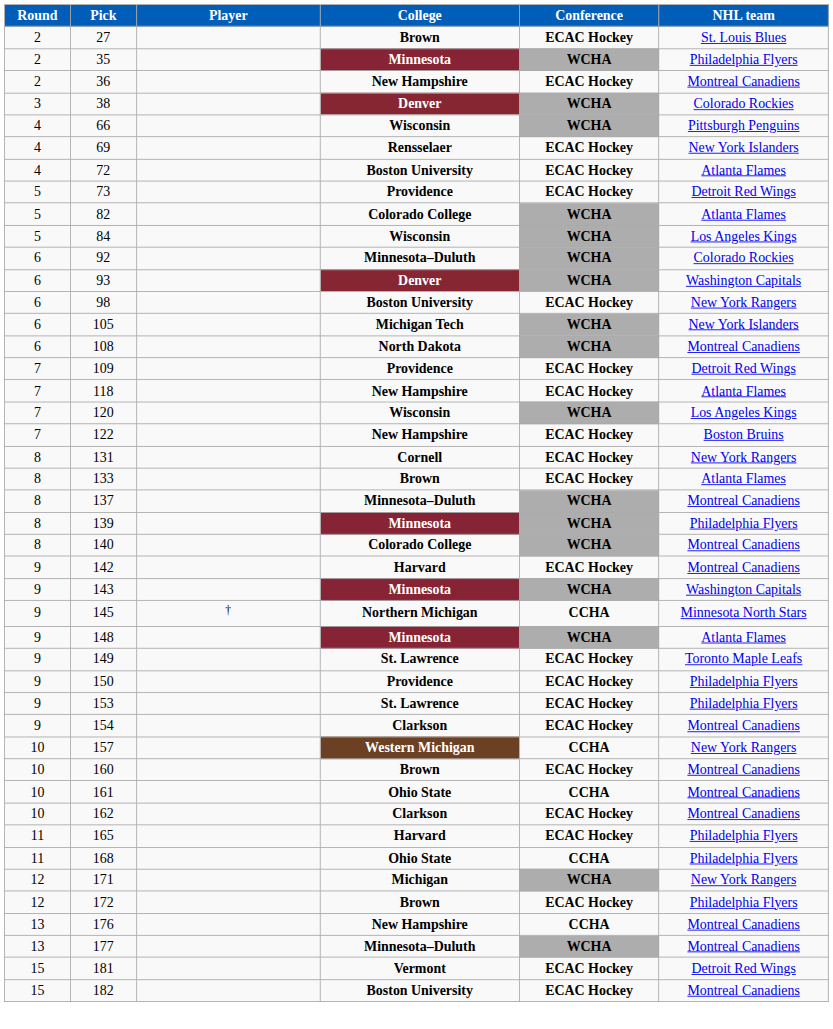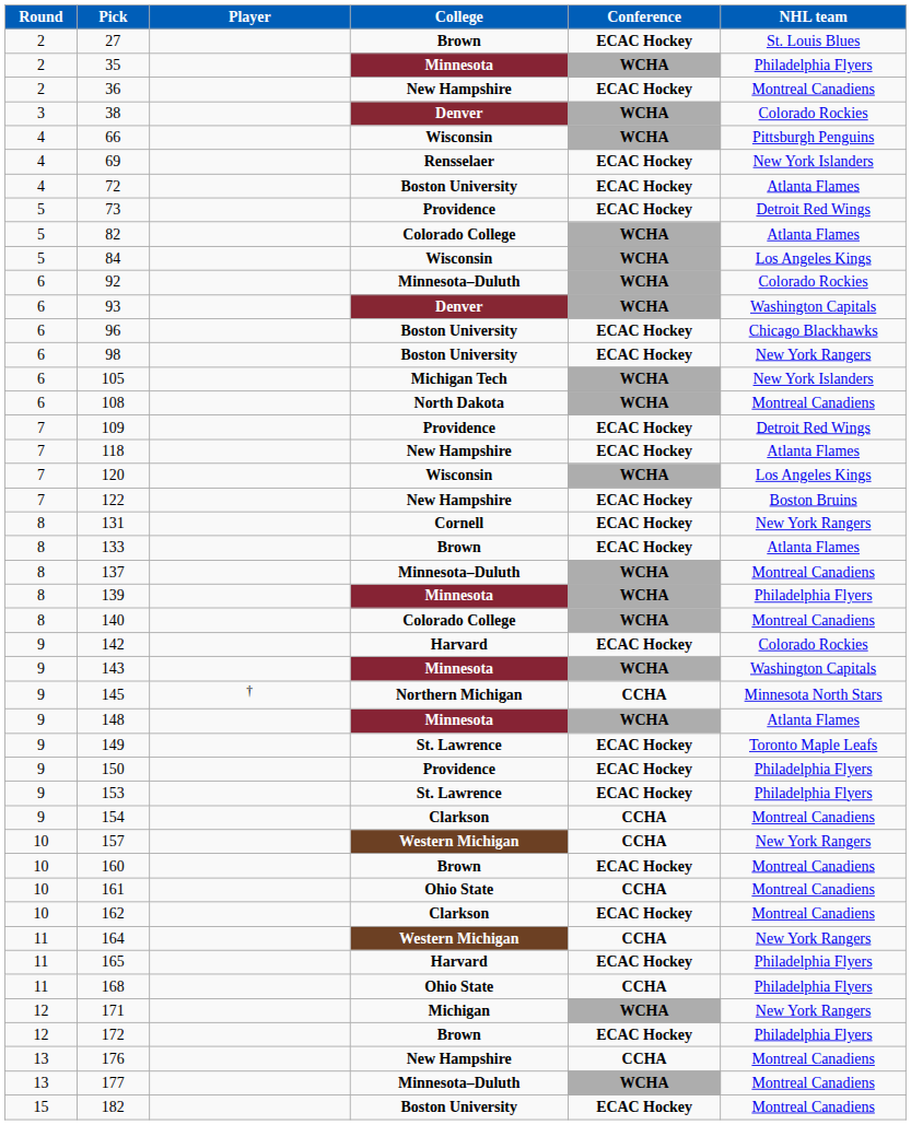 <table class="wikitable sortable" width="75%">
 <tr>
 <th style="color:white; background-color:#005EB8; width: 4em;">Round</th>
 <th style="color:white; background-color:#005EB8; width: 4em;">Pick</th>
 <th style="color:white; background-color:#005EB8; width: 12em;">Player</th>
 <th style="color:white; background-color:#005EB8; width: 13em;">College</th>
 <th style="color:white; background-color:#005EB8; width: 9em;">Conference</th>
 <th style="color:white; background-color:#005EB8; width: 11em;">NHL team</th>
 </tr>
 <tr align="center" bgcolor="">
 <td>2</td>
 <td>27</td>
 <td></td>
 <td><strong>Brown</strong></td>
 <td><strong>ECAC Hockey</strong></td>
 <td><a href='#'>St. Louis Blues</a></td>
 </tr>
 <tr align="center" bgcolor="">
 <td>2</td>
 <td>35</td>
 <td></td>
 <td style="color:white; background:#862334; "><strong>Minnesota</strong></td>
 <td style="color:black; background:#ADADAD; "><strong>WCHA</strong></td>
 <td><a href='#'>Philadelphia Flyers</a></td>
 </tr>
 <tr align="center" bgcolor="">
 <td>2</td>
 <td>36</td>
 <td></td>
 <td><strong>New Hampshire</strong></td>
 <td><strong>ECAC Hockey</strong></td>
 <td><a href='#'>Montreal Canadiens</a></td>
 </tr>
 <tr align="center" bgcolor="">
 <td>3</td>
 <td>38</td>
 <td></td>
 <td style="color:white; background:#862633; "><strong>Denver</strong></td>
 <td style="color:black; background:#ADADAD; "><strong>WCHA</strong></td>
 <td><a href='#'>Colorado Rockies</a></td>
 </tr>
 <tr align="center" bgcolor="">
 <td>4</td>
 <td>66</td>
 <td></td>
 <td><strong>Wisconsin</strong></td>
 <td style="color:black; background:#ADADAD; "><strong>WCHA</strong></td>
 <td><a href='#'>Pittsburgh Penguins</a></td>
 </tr>
 <tr align="center" bgcolor="">
 <td>4</td>
 <td>69</td>
 <td></td>
 <td><strong>Rensselaer</strong></td>
 <td><strong>ECAC Hockey</strong></td>
 <td><a href='#'>New York Islanders</a></td>
 </tr>
 <tr align="center" bgcolor="">
 <td>4</td>
 <td>72</td>
 <td></td>
 <td><strong>Boston University</strong></td>
 <td><strong>ECAC Hockey</strong></td>
 <td><a href='#'>Atlanta Flames</a></td>
 </tr>
 <tr align="center" bgcolor="">
 <td>5</td>
 <td>73</td>
 <td></td>
 <td><strong>Providence</strong></td>
 <td><strong>ECAC Hockey</strong></td>
 <td><a href='#'>Detroit Red Wings</a></td>
 </tr>
 <tr align="center" bgcolor="">
 <td>5</td>
 <td>82</td>
 <td></td>
 <td><strong>Colorado College</strong></td>
 <td style="color:black; background:#ADADAD; "><strong>WCHA</strong></td>
 <td><a href='#'>Atlanta Flames</a></td>
 </tr>
 <tr align="center" bgcolor="">
 <td>5</td>
 <td>84</td>
 <td></td>
 <td><strong>Wisconsin</strong></td>
 <td style="color:black; background:#ADADAD; "><strong>WCHA</strong></td>
 <td><a href='#'>Los Angeles Kings</a></td>
 </tr>
 <tr align="center" bgcolor="">
 <td>6</td>
 <td>92</td>
 <td></td>
 <td><strong>Minnesota–Duluth</strong></td>
 <td style="color:black; background:#ADADAD; "><strong>WCHA</strong></td>
 <td><a href='#'>Colorado Rockies</a></td>
 </tr>
 <tr align="center" bgcolor="">
 <td>6</td>
 <td>93</td>
 <td></td>
 <td style="color:white; background:#862633; "><strong>Denver</strong></td>
 <td style="color:black; background:#ADADAD; "><strong>WCHA</strong></td>
 <td><a href='#'>Washington Capitals</a></td>
 </tr>
 <tr align="center" bgcolor="">
 <td>6</td>
+<td>96</td>
+<td></td>
+<td><strong>Boston University</strong></td>
+<td><strong>ECAC Hockey</strong></td>
+<td><a href='#'>Chicago Blackhawks</a></td>
+</tr>
+<tr align="center" bgcolor="">
+<td>6</td>
 <td>98</td>
 <td></td>
 <td><strong>Boston University</strong></td>
 <td><strong>ECAC Hockey</strong></td>
 <td><a href='#'>New York Rangers</a></td>
 </tr>
 <tr align="center" bgcolor="">
 <td>6</td>
 <td>105</td>
 <td></td>
 <td><strong>Michigan Tech</strong></td>
 <td style="color:black; background:#ADADAD; "><strong>WCHA</strong></td>
 <td><a href='#'>New York Islanders</a></td>
 </tr>
 <tr align="center" bgcolor="">
 <td>6</td>
 <td>108</td>
 <td></td>
 <td><strong>North Dakota</strong></td>
 <td style="color:black; background:#ADADAD; "><strong>WCHA</strong></td>
 <td><a href='#'>Montreal Canadiens</a></td>
 </tr>
 <tr align="center" bgcolor="">
 <td>7</td>
 <td>109</td>
 <td></td>
 <td><strong>Providence</strong></td>
 <td><strong>ECAC Hockey</strong></td>
 <td><a href='#'>Detroit Red Wings</a></td>
 </tr>
 <tr align="center" bgcolor="">
 <td>7</td>
 <td>118</td>
 <td></td>
 <td><strong>New Hampshire</strong></td>
 <td><strong>ECAC Hockey</strong></td>
 <td><a href='#'>Atlanta Flames</a></td>
 </tr>
 <tr align="center" bgcolor="">
 <td>7</td>
 <td>120</td>
 <td></td>
 <td><strong>Wisconsin</strong></td>
 <td style="color:black; background:#ADADAD; "><strong>WCHA</strong></td>
 <td><a href='#'>Los Angeles Kings</a></td>
 </tr>
 <tr align="center" bgcolor="">
 <td>7</td>
 <td>122</td>
 <td></td>
 <td><strong>New Hampshire</strong></td>
 <td><strong>ECAC Hockey</strong></td>
 <td><a href='#'>Boston Bruins</a></td>
 </tr>
 <tr align="center" bgcolor="">
 <td>8</td>
 <td>131</td>
 <td></td>
 <td><strong>Cornell</strong></td>
 <td><strong>ECAC Hockey</strong></td>
 <td><a href='#'>New York Rangers</a></td>
 </tr>
 <tr align="center" bgcolor="">
 <td>8</td>
 <td>133</td>
 <td></td>
 <td><strong>Brown</strong></td>
 <td><strong>ECAC Hockey</strong></td>
 <td><a href='#'>Atlanta Flames</a></td>
 </tr>
 <tr align="center" bgcolor="">
 <td>8</td>
 <td>137</td>
 <td></td>
 <td><strong>Minnesota–Duluth</strong></td>
 <td style="color:black; background:#ADADAD; "><strong>WCHA</strong></td>
 <td><a href='#'>Montreal Canadiens</a></td>
 </tr>
 <tr align="center" bgcolor="">
 <td>8</td>
 <td>139</td>
 <td></td>
 <td style="color:white; background:#862334; "><strong>Minnesota</strong></td>
 <td style="color:black; background:#ADADAD; "><strong>WCHA</strong></td>
 <td><a href='#'>Philadelphia Flyers</a></td>
 </tr>
 <tr align="center" bgcolor="">
 <td>8</td>
 <td>140</td>
 <td></td>
 <td><strong>Colorado College</strong></td>
 <td style="color:black; background:#ADADAD; "><strong>WCHA</strong></td>
 <td><a href='#'>Montreal Canadiens</a></td>
 </tr>
 <tr align="center" bgcolor="">
 <td>9</td>
 <td>142</td>
 <td></td>
 <td><strong>Harvard</strong></td>
 <td><strong>ECAC Hockey</strong></td>
-<td><a href='#'>Montreal Canadiens</a></td>
+<td><a href='#'>Colorado Rockies</a></td>
 </tr>
 <tr align="center" bgcolor="">
 <td>9</td>
 <td>143</td>
 <td></td>
 <td style="color:white; background:#862334; "><strong>Minnesota</strong></td>
 <td style="color:black; background:#ADADAD; "><strong>WCHA</strong></td>
 <td><a href='#'>Washington Capitals</a></td>
 </tr>
 <tr align="center" bgcolor="">
 <td>9</td>
 <td>145</td>
 <td> <sup>†</sup></td>
 <td><strong>Northern Michigan</strong></td>
 <td><strong>CCHA</strong></td>
 <td><a href='#'>Minnesota North Stars</a></td>
 </tr>
 <tr align="center" bgcolor="">
 <td>9</td>
 <td>148</td>
 <td></td>
 <td style="color:white; background:#862334; "><strong>Minnesota</strong></td>
 <td style="color:black; background:#ADADAD; "><strong>WCHA</strong></td>
 <td><a href='#'>Atlanta Flames</a></td>
 </tr>
 <tr align="center" bgcolor="">
 <td>9</td>
 <td>149</td>
 <td></td>
 <td><strong>St. Lawrence</strong></td>
 <td><strong>ECAC Hockey</strong></td>
 <td><a href='#'>Toronto Maple Leafs</a></td>
 </tr>
 <tr align="center" bgcolor="">
 <td>9</td>
 <td>150</td>
 <td></td>
 <td><strong>Providence</strong></td>
 <td><strong>ECAC Hockey</strong></td>
 <td><a href='#'>Philadelphia Flyers</a></td>
 </tr>
 <tr align="center" bgcolor="">
 <td>9</td>
 <td>153</td>
 <td></td>
 <td><strong>St. Lawrence</strong></td>
 <td><strong>ECAC Hockey</strong></td>
 <td><a href='#'>Philadelphia Flyers</a></td>
 </tr>
 <tr align="center" bgcolor="">
 <td>9</td>
 <td>154</td>
 <td></td>
 <td><strong>Clarkson</strong></td>
-<td><strong>ECAC Hockey</strong></td>
+<td><strong>CCHA</strong></td>
 <td><a href='#'>Montreal Canadiens</a></td>
 </tr>
 <tr align="center" bgcolor="">
 <td>10</td>
 <td>157</td>
 <td></td>
 <td style="color:white; background:#6C4023; "><strong>Western Michigan</strong></td>
 <td><strong>CCHA</strong></td>
 <td><a href='#'>New York Rangers</a></td>
 </tr>
 <tr align="center" bgcolor="">
 <td>10</td>
 <td>160</td>
 <td></td>
 <td><strong>Brown</strong></td>
 <td><strong>ECAC Hockey</strong></td>
 <td><a href='#'>Montreal Canadiens</a></td>
 </tr>
 <tr align="center" bgcolor="">
 <td>10</td>
 <td>161</td>
 <td></td>
 <td><strong>Ohio State</strong></td>
 <td><strong>CCHA</strong></td>
 <td><a href='#'>Montreal Canadiens</a></td>
 </tr>
 <tr align="center" bgcolor="">
 <td>10</td>
 <td>162</td>
 <td></td>
 <td><strong>Clarkson</strong></td>
 <td><strong>ECAC Hockey</strong></td>
 <td><a href='#'>Montreal Canadiens</a></td>
+</tr>
+<tr align="center" bgcolor="">
+<td>11</td>
+<td>164</td>
+<td></td>
+<td style="color:white; background:#6C4023; "><strong>Western Michigan</strong></td>
+<td><strong>CCHA</strong></td>
+<td><a href='#'>New York Rangers</a></td>
 </tr>
 <tr align="center" bgcolor="">
 <td>11</td>
 <td>165</td>
 <td></td>
 <td><strong>Harvard</strong></td>
 <td><strong>ECAC Hockey</strong></td>
 <td><a href='#'>Philadelphia Flyers</a></td>
 </tr>
 <tr align="center" bgcolor="">
 <td>11</td>
 <td>168</td>
 <td></td>
 <td><strong>Ohio State</strong></td>
 <td><strong>CCHA</strong></td>
 <td><a href='#'>Philadelphia Flyers</a></td>
 </tr>
 <tr align="center" bgcolor="">
 <td>12</td>
 <td>171</td>
 <td></td>
 <td><strong>Michigan</strong></td>
 <td style="color:black; background:#ADADAD; "><strong>WCHA</strong></td>
 <td><a href='#'>New York Rangers</a></td>
 </tr>
 <tr align="center" bgcolor="">
 <td>12</td>
 <td>172</td>
 <td></td>
 <td><strong>Brown</strong></td>
 <td><strong>ECAC Hockey</strong></td>
 <td><a href='#'>Philadelphia Flyers</a></td>
 </tr>
 <tr align="center" bgcolor="">
 <td>13</td>
 <td>176</td>
 <td></td>
 <td><strong>New Hampshire</strong></td>
 <td><strong>CCHA</strong></td>
 <td><a href='#'>Montreal Canadiens</a></td>
 </tr>
 <tr align="center" bgcolor="">
 <td>13</td>
 <td>177</td>
 <td></td>
 <td><strong>Minnesota–Duluth</strong></td>
 <td style="color:black; background:#ADADAD; "><strong>WCHA</strong></td>
 <td><a href='#'>Montreal Canadiens</a></td>
 </tr>
 <tr align="center" bgcolor="">
 <td>15</td>
-<td>181</td>
-<td></td>
-<td><strong>Vermont</strong></td>
-<td><strong>ECAC Hockey</strong></td>
-<td><a href='#'>Detroit Red Wings</a></td>
-</tr>
-<tr align="center" bgcolor="">
-<td>15</td>
 <td>182</td>
 <td></td>
 <td><strong>Boston University</strong></td>
 <td><strong>ECAC Hockey</strong></td>
 <td><a href='#'>Montreal Canadiens</a></td>
 </tr>
 </table>
